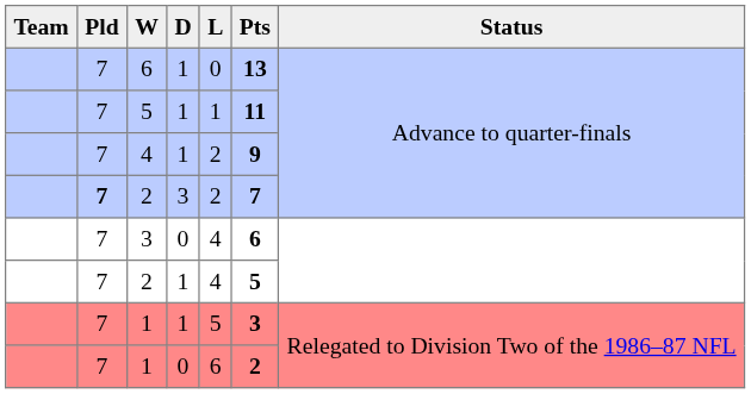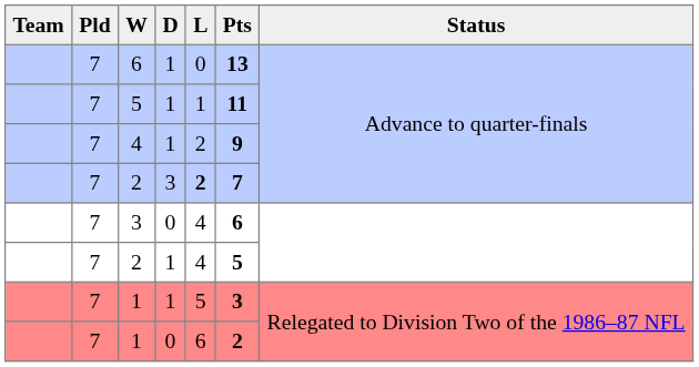 <table style=border-collapse:collapse border=1 cellspacing=0 cellpadding=5>
 <tr align=center bgcolor=#efefef>
 <th>Team</th>
 <th>Pld</th>
 <th>W</th>
 <th>D</th>
 <th>L</th>
 <th>Pts</th>
 <th>Status</th>
 </tr>
 <tr align=center style="background:#bbccff;">
 <td style="text-align:left;"> </td>
 <td>7</td>
 <td>6</td>
 <td>1</td>
 <td>0</td>
 <td><strong>13</strong></td>
 <td rowspan=4>Advance to quarter-finals</td>
 </tr>
 <tr align=center style="background:#bbccff;">
 <td style="text-align:left;"> </td>
 <td>7</td>
 <td>5</td>
 <td>1</td>
 <td>1</td>
 <td><strong>11</strong></td>
 </tr>
 <tr align=center style="background:#bbccff;">
 <td style="text-align:left;"> </td>
 <td>7</td>
 <td>4</td>
 <td>1</td>
 <td>2</td>
 <td><strong>9</strong></td>
 </tr>
 <tr align=center style="background:#bbccff;">
 <td style="text-align:left;"> </td>
-<td><strong>7</strong></td>
+<td>7</td>
 <td>2</td>
 <td>3</td>
-<td>2</td>
+<td><strong>2</strong></td>
 <td><strong>7</strong></td>
 </tr>
 <tr align=center style="background:#FFFFFF;">
 <td style="text-align:left;"> </td>
 <td>7</td>
 <td>3</td>
 <td>0</td>
 <td>4</td>
 <td><strong>6</strong></td>
 <td rowspan=2></td>
 </tr>
 <tr align=center style="background:#FFFFFF;">
 <td style="text-align:left;"> </td>
 <td>7</td>
 <td>2</td>
 <td>1</td>
 <td>4</td>
 <td><strong>5</strong></td>
 </tr>
 <tr align=center style="background:#FF8888;">
 <td style="text-align:left;"> </td>
 <td>7</td>
 <td>1</td>
 <td>1</td>
 <td>5</td>
 <td><strong>3</strong></td>
 <td rowspan=2>Relegated to Division Two of the <a href='#'>1986–87 NFL</a></td>
 </tr>
 <tr align=center style="background:#FF8888;">
 <td style="text-align:left;"> </td>
 <td>7</td>
 <td>1</td>
 <td>0</td>
 <td>6</td>
 <td><strong>2</strong></td>
 </tr>
 </table>
